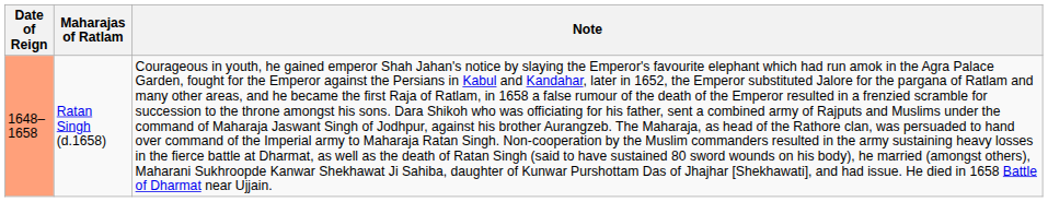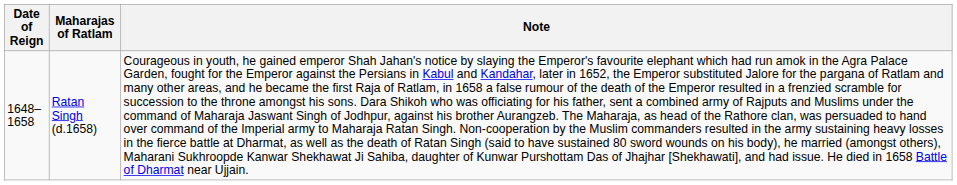 <table class="wikitable">
 <tr>
 <th>Date of Reign</th>
 <th>Maharajas of Ratlam</th>
 <th>Note</th>
 </tr>
 <tr>
-<td style="background: lightsalmon;">1648–1658</td>
+<td>1648–1658</td>
 <td><a href='#'>Ratan Singh</a> (d.1658)</td>
 <td>Courageous in youth, he gained emperor Shah Jahan's notice by slaying the Emperor's favourite elephant which had run amok in the Agra Palace Garden, fought for the Emperor against the Persians in <a href='#'>Kabul</a> and <a href='#'>Kandahar</a>, later in 1652, the Emperor substituted Jalore for the pargana of Ratlam and many other areas, and he became the first Raja of Ratlam, in 1658 a false rumour of the death of the Emperor resulted in a frenzied scramble for succession to the throne amongst his sons. Dara Shikoh who was officiating for his father, sent a combined army of Rajputs and Muslims under the command of Maharaja Jaswant Singh of Jodhpur, against his brother Aurangzeb. The Maharaja, as head of the Rathore clan, was persuaded to hand over command of the Imperial army to Maharaja Ratan Singh. Non-cooperation by the Muslim commanders resulted in the army sustaining heavy losses in the fierce battle at Dharmat, as well as the death of Ratan Singh (said to have sustained 80 sword wounds on his body), he married (amongst others), Maharani Sukhroopde Kanwar Shekhawat Ji Sahiba, daughter of Kunwar Purshottam Das of Jhajhar [Shekhawati], and had issue. He died in 1658 <a href='#'>Battle of Dharmat</a> near Ujjain.</td>
 </tr>
 </table>
